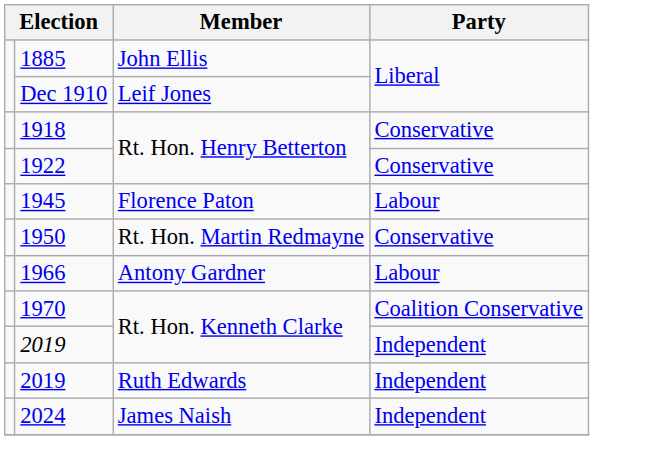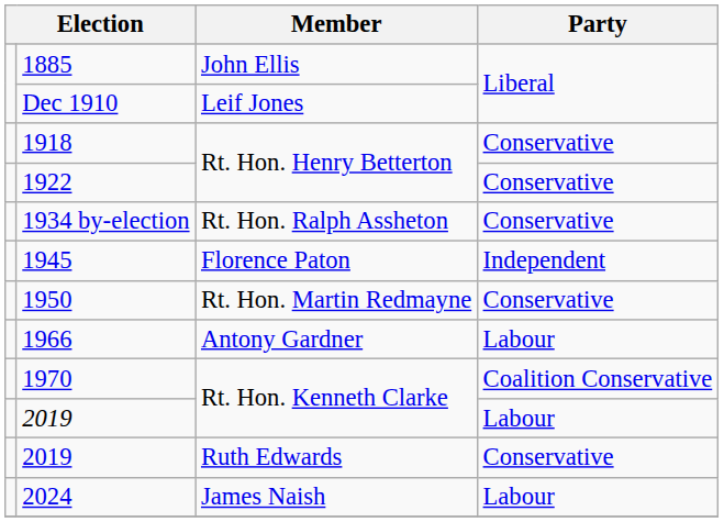 <table class="wikitable">
 <tr>
 <th colspan="2">Election</th>
 <th>Member</th>
 <th>Party</th>
 </tr>
 <tr>
 <td rowspan="2" style="color:inherit;background-color: "></td>
 <td><a href='#'>1885</a></td>
 <td><a href='#'>John Ellis</a></td>
 <td rowspan="2"><a href='#'>Liberal</a></td>
 </tr>
 <tr>
 <td><a href='#'>Dec 1910</a></td>
 <td><a href='#'>Leif Jones</a></td>
 </tr>
 <tr>
 <td style="color:inherit;background-color: "></td>
 <td><a href='#'>1918</a></td>
 <td rowspan="2">Rt. Hon. <a href='#'>Henry Betterton</a></td>
 <td><a href='#'>Conservative</a></td>
 </tr>
 <tr>
 <td style="color:inherit;background-color: "></td>
 <td><a href='#'>1922</a></td>
 <td><a href='#'>Conservative</a></td>
 </tr>
 <tr>
 <td style="color:inherit;background-color: "></td>
+<td><a href='#'>1934 by-election</a></td>
+<td>Rt. Hon. <a href='#'>Ralph Assheton</a></td>
+<td><a href='#'>Conservative</a></td>
+</tr>
+<tr>
+<td style="color:inherit;background-color: "></td>
 <td><a href='#'>1945</a></td>
 <td><a href='#'>Florence Paton</a></td>
-<td><a href='#'>Labour</a></td>
+<td><a href='#'>Independent</a></td>
 </tr>
 <tr>
 <td style="color:inherit;background-color: "></td>
 <td><a href='#'>1950</a></td>
 <td>Rt. Hon. <a href='#'>Martin Redmayne</a></td>
 <td><a href='#'>Conservative</a></td>
 </tr>
 <tr>
 <td style="color:inherit;background-color: "></td>
 <td><a href='#'>1966</a></td>
 <td><a href='#'>Antony Gardner</a></td>
 <td><a href='#'>Labour</a></td>
 </tr>
 <tr>
 <td style="color:inherit;background-color: "></td>
 <td><a href='#'>1970</a></td>
 <td rowspan="2">Rt. Hon. <a href='#'>Kenneth Clarke</a></td>
 <td><a href='#'>Coalition Conservative</a></td>
 </tr>
 <tr>
 <td style="color:inherit;background-color: "></td>
 <td><em>2019</em></td>
-<td><a href='#'>Independent</a></td>
+<td><a href='#'>Labour</a></td>
 </tr>
 <tr>
 <td style="color:inherit;background-color: "></td>
 <td><a href='#'>2019</a></td>
 <td><a href='#'>Ruth Edwards</a></td>
-<td><a href='#'>Independent</a></td>
+<td><a href='#'>Conservative</a></td>
 </tr>
 <tr>
 <td style="color:inherit;background-color: "></td>
 <td><a href='#'>2024</a></td>
 <td><a href='#'>James Naish</a></td>
-<td><a href='#'>Independent</a></td>
+<td><a href='#'>Labour</a></td>
 </tr>
 <tr>
 </tr>
 </table>
